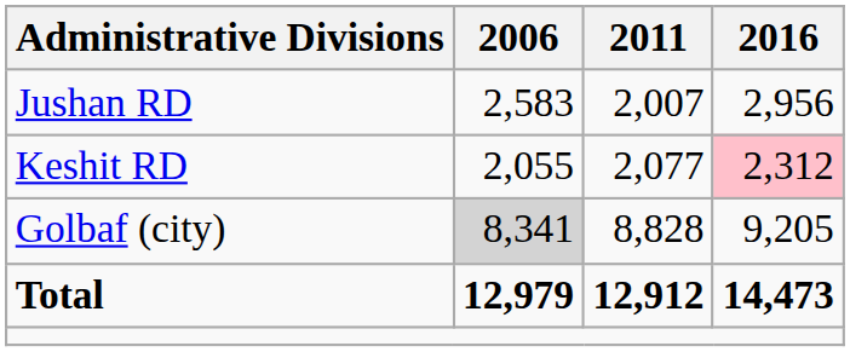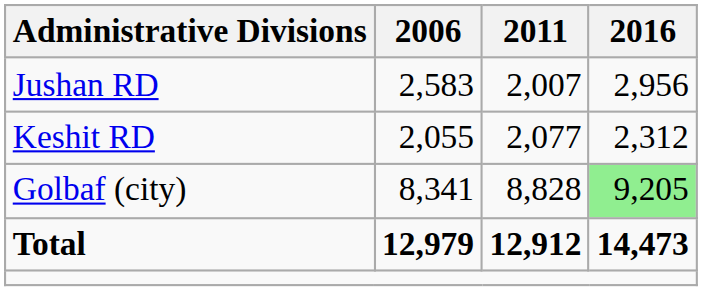 <table class="wikitable">
 <tr>
 <th>Administrative Divisions</th>
 <th>2006</th>
 <th>2011</th>
 <th>2016</th>
 </tr>
 <tr>
 <td><a href='#'>Jushan RD</a></td>
 <td style="text-align: right;">2,583</td>
 <td style="text-align: right;">2,007</td>
 <td style="text-align: right;">2,956</td>
 </tr>
 <tr>
 <td><a href='#'>Keshit RD</a></td>
 <td style="text-align: right;">2,055</td>
 <td style="text-align: right;">2,077</td>
-<td style="background: pink; text-align: right;">2,312</td>
+<td style="text-align: right;">2,312</td>
 </tr>
 <tr>
 <td><a href='#'>Golbaf</a> (city)</td>
-<td style="background: lightgrey; text-align: right;">8,341</td>
+<td style="text-align: right;">8,341</td>
 <td style="text-align: right;">8,828</td>
-<td style="text-align: right;">9,205</td>
+<td style="background: lightgreen; text-align: right;">9,205</td>
 </tr>
 <tr>
 <td><strong>Total</strong></td>
 <td style="text-align: right;"><strong>12,979</strong></td>
 <td style="text-align: right;"><strong>12,912</strong></td>
 <td style="text-align: right;"><strong>14,473</strong></td>
 </tr>
 <tr>
 <td colspan=4></td>
 </tr>
 </table>
